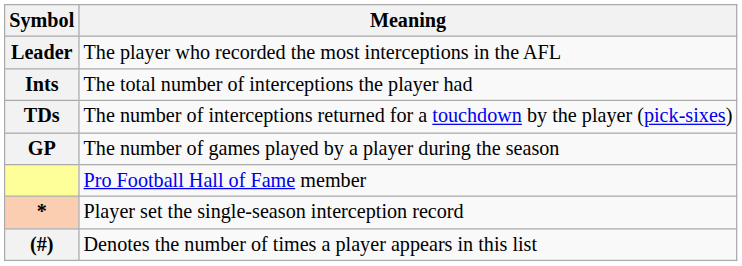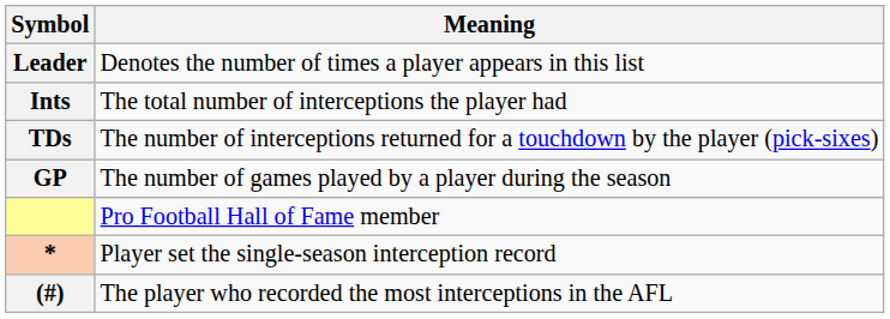 <table class="wikitable plainrowheaders" border="1">
 <tr>
 <th scope="col">Symbol</th>
 <th scope="col">Meaning</th>
 </tr>
 <tr>
 <th scope="row" style="text-align:center;"><strong>Leader</strong></th>
-<td>The player who recorded the most interceptions in the AFL</td>
+<td>Denotes the number of times a player appears in this list</td>
 </tr>
 <tr>
 <th scope="row" style="text-align:center;"><strong>Ints</strong></th>
 <td>The total number of interceptions the player had</td>
 </tr>
 <tr>
 <th scope="row" style="text-align:center;"><strong>TDs</strong></th>
 <td>The number of interceptions returned for a <a href='#'>touchdown</a> by the player (<a href='#'>pick-sixes</a>)</td>
 </tr>
 <tr>
 <th scope="row" style="text-align:center;"><strong>GP</strong></th>
 <td>The number of games played by a player during the season</td>
 </tr>
 <tr>
 <th scope="row" style="text-align:center; background:#FFFF99;"></th>
 <td><a href='#'>Pro Football Hall of Fame</a> member</td>
 </tr>
 <tr>
 <th scope="row" style="text-align:center; background:#fbceb1;">*</th>
 <td>Player set the single-season interception record</td>
 </tr>
 <tr>
 <th scope="row" style="text-align:center;">(#)</th>
-<td>Denotes the number of times a player appears in this list</td>
+<td>The player who recorded the most interceptions in the AFL</td>
 </tr>
 </table>
